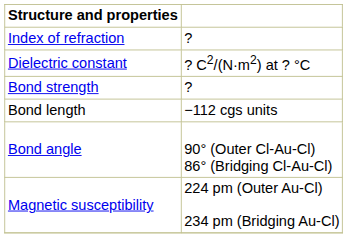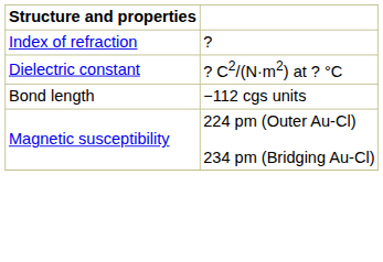 <table border="1" cellspacing="0" cellpadding="3" style="margin: 0 0 0 0.5em; background: #FFFFFF; border-collapse: collapse; border-color: #C0C090;">
 <tr>
 <th>Structure and properties</th>
 </tr>
 <tr>
 <td><a href='#'>Index of refraction</a></td>
 <td>? </td>
 </tr>
 <tr>
 <td><a href='#'>Dielectric constant</a></td>
 <td>? C<sup>2</sup>/(N·m<sup>2</sup>) at ? °C </td>
 </tr>
 <tr>
-<td><a href='#'>Bond strength</a></td>
-<td>? </td>
-</tr>
-<tr>
 <td>Bond length</td>
 <td>−112 cgs units</td>
-</tr>
-<tr>
-<td><a href='#'>Bond angle</a></td>
-<td><br>90° (Outer Cl-Au-Cl) <br> 86° (Bridging Cl-Au-Cl)</td>
 </tr>
 <tr>
 <td><a href='#'>Magnetic susceptibility</a></td>
 <td>224 pm (Outer Au-Cl) <br><br>234 pm (Bridging Au-Cl)</td>
 </tr>
 <tr>
 </tr>
 </table>
